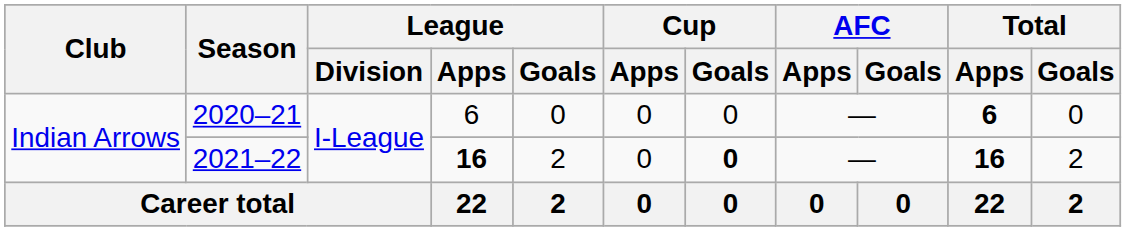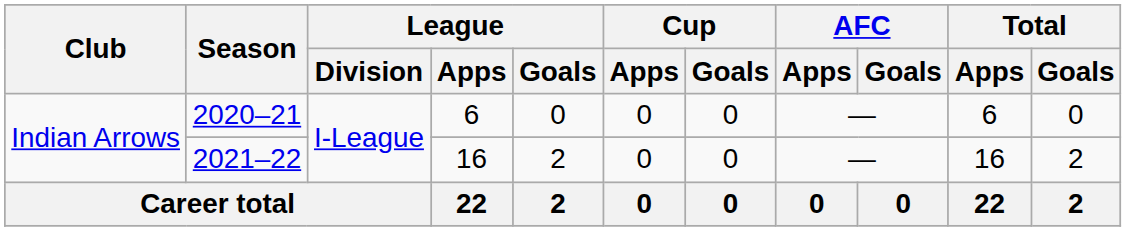 <table class=wikitable style=text-align:center>
 <tr>
 <th rowspan=2>Club</th>
 <th rowspan=2>Season</th>
 <th colspan=3>League</th>
 <th colspan=2>Cup</th>
 <th colspan=2><a href='#'>AFC</a></th>
 <th colspan=2>Total</th>
 </tr>
 <tr>
 <th>Division</th>
 <th>Apps</th>
 <th>Goals</th>
 <th>Apps</th>
 <th>Goals</th>
 <th>Apps</th>
 <th>Goals</th>
 <th>Apps</th>
 <th>Goals</th>
 </tr>
 <tr>
 <td rowspan="2"><a href='#'>Indian Arrows</a></td>
 <td><a href='#'>2020–21</a></td>
 <td rowspan="2"><a href='#'>I-League</a></td>
 <td>6</td>
 <td>0</td>
 <td>0</td>
 <td>0</td>
 <td colspan="2">—</td>
-<td><strong>6</strong></td>
+<td>6</td>
 <td>0</td>
 </tr>
 <tr>
 <td><a href='#'>2021–22</a></td>
-<td><strong>16</strong></td>
+<td>16</td>
 <td>2</td>
 <td>0</td>
-<td><strong>0</strong></td>
+<td>0</td>
 <td colspan="2">—</td>
-<td><strong>16</strong></td>
+<td>16</td>
 <td>2</td>
 </tr>
 <tr>
 <th colspan="3">Career total</th>
 <th>22</th>
 <th>2</th>
 <th>0</th>
 <th>0</th>
 <th>0</th>
 <th>0</th>
 <th>22</th>
 <th>2</th>
 </tr>
 </table>
